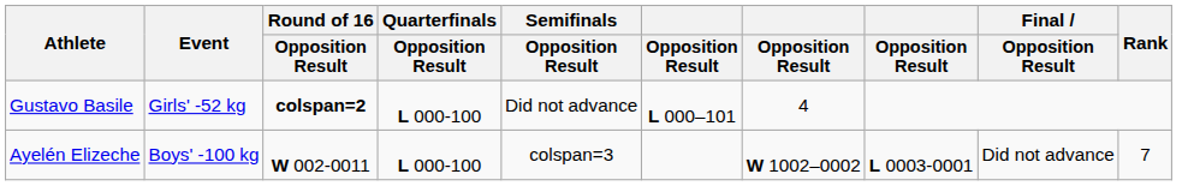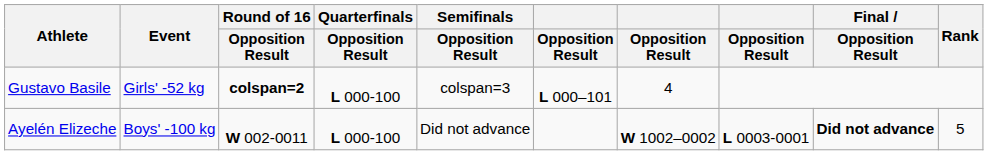 <table class="wikitable" style="font-size:90%">
 <tr>
 <th rowspan="2">Athlete</th>
 <th rowspan="2">Event</th>
 <th>Round of 16</th>
 <th>Quarterfinals</th>
 <th>Semifinals</th>
 <th></th>
 <th></th>
 <th></th>
 <th>Final / </th>
 <th rowspan=2>Rank</th>
 </tr>
 <tr style="font-size:95%">
 <th>Opposition<br>Result</th>
 <th>Opposition<br>Result</th>
 <th>Opposition<br>Result</th>
 <th>Opposition<br>Result</th>
 <th>Opposition<br>Result</th>
 <th>Opposition<br>Result</th>
 <th>Opposition<br>Result</th>
 </tr>
 <tr align=center>
 <td align=left><a href='#'>Gustavo Basile</a></td>
 <td align=left><a href='#'>Girls' -52 kg</a></td>
 <td><strong>colspan=2 </strong></td>
 <td><br><strong>L</strong> 000-100</td>
-<td>Did not advance</td>
+<td>colspan=3 </td>
 <td><br><strong>L</strong> 000–101</td>
 <td>4</td>
 </tr>
 <tr align=center>
 <td align=left><a href='#'>Ayelén Elizeche</a></td>
 <td align=left><a href='#'>Boys' -100 kg</a></td>
 <td><br><strong>W</strong> 002-0011</td>
 <td><br><strong>L</strong> 000-100</td>
-<td>colspan=3 </td>
+<td>Did not advance</td>
 <td></td>
 <td><br><strong>W</strong> 1002–0002</td>
 <td><br><strong>L</strong> 0003-0001</td>
-<td>Did not advance</td>
-<td>7</td>
+<td><strong>Did not advance</strong></td>
+<td>5</td>
 </tr>
 </table>
